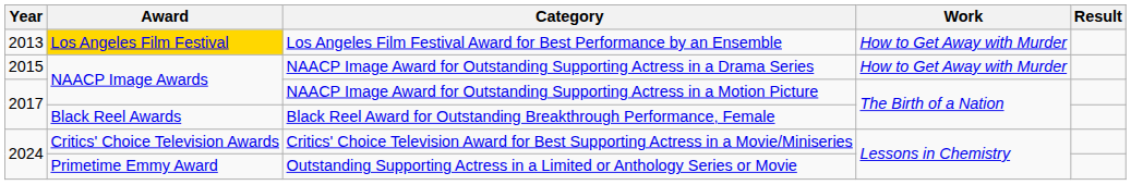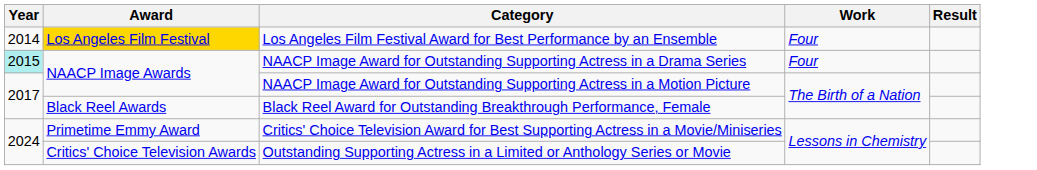 <table class="wikitable sortable">
 <tr>
 <th>Year</th>
 <th>Award</th>
 <th>Category</th>
 <th>Work</th>
 <th>Result</th>
 </tr>
 <tr>
-<td>2013</td>
+<td>2014</td>
 <td style="background: gold;"><a href='#'>Los Angeles Film Festival</a></td>
 <td><a href='#'>Los Angeles Film Festival Award for Best Performance by an Ensemble</a></td>
-<td><em><a href='#'>How to Get Away with Murder</a></em></td>
+<td><em><a href='#'>Four</a></em></td>
 <td></td>
 </tr>
 <tr>
-<td>2015</td>
+<td style="background: paleturquoise;">2015</td>
 <td rowspan="2"><a href='#'>NAACP Image Awards</a></td>
 <td><a href='#'>NAACP Image Award for Outstanding Supporting Actress in a Drama Series</a></td>
-<td><em><a href='#'>How to Get Away with Murder</a></em></td>
+<td><em><a href='#'>Four</a></em></td>
 <td></td>
 </tr>
 <tr>
 <td rowspan="2">2017</td>
 <td><a href='#'>NAACP Image Award for Outstanding Supporting Actress in a Motion Picture</a></td>
 <td rowspan="2"><em><a href='#'>The Birth of a Nation</a></em></td>
 <td></td>
 </tr>
 <tr>
 <td><a href='#'>Black Reel Awards</a></td>
 <td><a href='#'>Black Reel Award for Outstanding Breakthrough Performance, Female</a></td>
 <td></td>
 </tr>
 <tr>
 <td rowspan=2>2024</td>
-<td><a href='#'>Critics' Choice Television Awards</a></td>
+<td><a href='#'>Primetime Emmy Award</a></td>
 <td><a href='#'>Critics' Choice Television Award for Best Supporting Actress in a Movie/Miniseries</a></td>
 <td rowspan=2><em><a href='#'>Lessons in Chemistry</a></em></td>
 <td></td>
 </tr>
 <tr>
-<td><a href='#'>Primetime Emmy Award</a></td>
+<td><a href='#'>Critics' Choice Television Awards</a></td>
 <td><a href='#'>Outstanding Supporting Actress in a Limited or Anthology Series or Movie</a></td>
 <td></td>
 </tr>
 </table>
